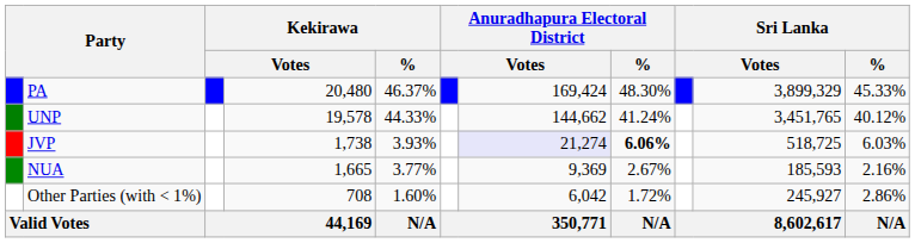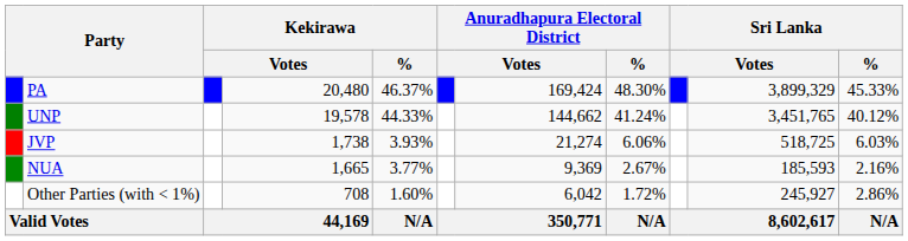 <table class="wikitable">
 <tr>
 <th colspan="2" width="144px"rowspan="2">Party</th>
 <th colspan="3" width="216px">Kekirawa</th>
 <th colspan="3" width="216px"><a href='#'>Anuradhapura Electoral District</a></th>
 <th colspan="3" width="216px">Sri Lanka</th>
 </tr>
 <tr>
 <th colspan="2" width="144px">Votes</th>
 <th>%</th>
 <th colspan="2" width="144px">Votes</th>
 <th>%</th>
 <th colspan="2" width="144px">Votes</th>
 <th>%</th>
 </tr>
 <tr>
 <td style="background-color:blue;" width="10px"></td>
 <td style="text-align:left;"><a href='#'>PA</a></td>
 <td style="background-color:blue;" width="10px"></td>
 <td style="text-align:right;">20,480</td>
 <td style="text-align:right;">46.37%</td>
 <td style="background-color:blue;" width="10px"></td>
 <td style="text-align:right;">169,424</td>
 <td style="text-align:right;">48.30%</td>
 <td style="background-color:blue;" width="10px"></td>
 <td style="text-align:right;">3,899,329</td>
 <td style="text-align:right;">45.33%</td>
 </tr>
 <tr>
 <td style="background-color:green;" width="10px"></td>
 <td style="text-align:left;"><a href='#'>UNP</a></td>
 <td style="background-color:white;" width="10px"></td>
 <td style="text-align:right;">19,578</td>
 <td style="text-align:right;">44.33%</td>
 <td style="background-color:white;" width="10px"></td>
 <td style="text-align:right;">144,662</td>
 <td style="text-align:right;">41.24%</td>
 <td style="background-color:white;" width="10px"></td>
 <td style="text-align:right;">3,451,765</td>
 <td style="text-align:right;">40.12%</td>
 </tr>
 <tr>
 <td style="background-color:red;" width="10px"></td>
 <td style="text-align:left;"><a href='#'>JVP</a></td>
 <td style="background-color:white;" width="10px"></td>
 <td style="text-align:right;">1,738</td>
 <td style="text-align:right;">3.93%</td>
 <td style="background-color:white;" width="10px"></td>
-<td style="background: lavender; text-align:right;">21,274</td>
-<td style="text-align:right;"><strong>6.06%</strong></td>
+<td style="text-align:right;">21,274</td>
+<td style="text-align:right;">6.06%</td>
 <td style="background-color:white;" width="10px"></td>
 <td style="text-align:right;">518,725</td>
 <td style="text-align:right;">6.03%</td>
 </tr>
 <tr>
 <td style="background-color:#008800;" width="10px"></td>
 <td style="text-align:left;"><a href='#'>NUA</a></td>
 <td style="background-color:white;" width="10px"></td>
 <td style="text-align:right;">1,665</td>
 <td style="text-align:right;">3.77%</td>
 <td style="background-color:white;" width="10px"></td>
 <td style="text-align:right;">9,369</td>
 <td style="text-align:right;">2.67%</td>
 <td style="background-color:white;" width="10px"></td>
 <td style="text-align:right;">185,593</td>
 <td style="text-align:right;">2.16%</td>
 </tr>
 <tr>
 <td style="background-color:white;" width="10px"></td>
 <td style="text-align:left;">Other Parties (with < 1%)</td>
 <td style="background-color:white;" width="10px"></td>
 <td style="text-align:right;">708</td>
 <td style="text-align:right;">1.60%</td>
 <td style="background-color:white;" width="10px"></td>
 <td style="text-align:right;">6,042</td>
 <td style="text-align:right;">1.72%</td>
 <td style="background-color:white;" width="10px"></td>
 <td style="text-align:right;">245,927</td>
 <td style="text-align:right;">2.86%</td>
 </tr>
 <tr>
 <th colspan="2" width="144px"style="text-align:left;">Valid Votes</th>
 <th style="text-align:right;"colspan="2" width="144px">44,169</th>
 <th style="text-align:right;">N/A</th>
 <th style="text-align:right;"colspan="2" width="144px">350,771</th>
 <th style="text-align:right;">N/A</th>
 <th style="text-align:right;"colspan="2" width="144px">8,602,617</th>
 <th style="text-align:right;">N/A</th>
 </tr>
 </table>
